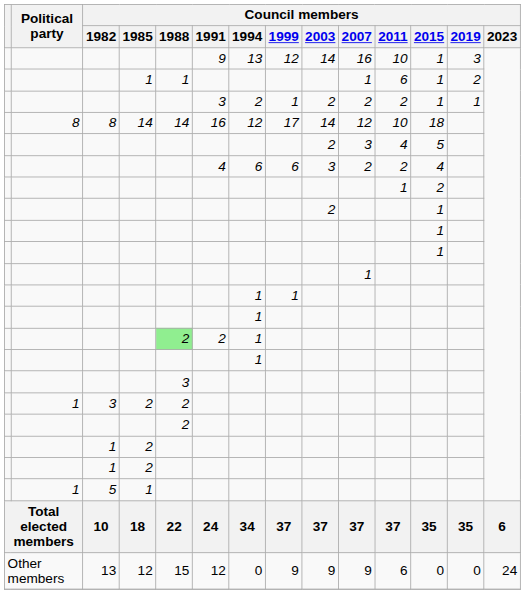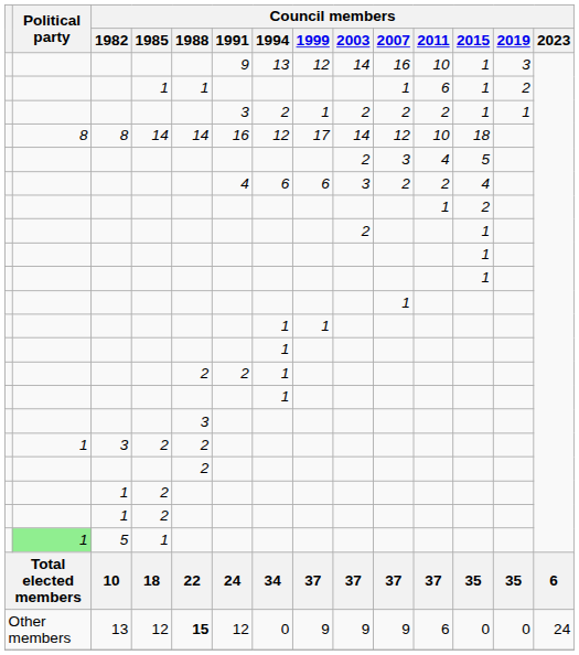 <table class="wikitable" style="text-align: right">
 <tr>
 <th rowspan="2"></th>
 <th rowspan="2">Political party</th>
 <th colspan="12">Council members</th>
 </tr>
 <tr>
 <th>1982</th>
 <th>1985</th>
 <th>1988</th>
 <th>1991</th>
 <th>1994</th>
 <th><a href='#'>1999</a></th>
 <th><a href='#'>2003</a></th>
 <th><a href='#'>2007</a></th>
 <th><a href='#'>2011</a></th>
 <th><a href='#'>2015</a></th>
 <th><a href='#'>2019</a></th>
 <th>2023</th>
 </tr>
 <tr>
 <td></td>
 <td></td>
 <td></td>
 <td></td>
 <td></td>
 <td><em>9</em></td>
 <td><em>13</em></td>
 <td><em>12</em></td>
 <td><em>14</em></td>
 <td><em>16</em></td>
 <td><em>10</em></td>
 <td><em>1</em></td>
 <td><em>3</em></td>
 </tr>
 <tr>
 <td></td>
 <td></td>
 <td></td>
 <td><em>1</em></td>
 <td><em>1</em></td>
 <td></td>
 <td></td>
 <td></td>
 <td></td>
 <td><em>1</em></td>
 <td><em>6</em></td>
 <td><em>1</em></td>
 <td><em>2</em></td>
 </tr>
 <tr>
 <td></td>
 <td></td>
 <td></td>
 <td></td>
 <td></td>
 <td><em>3</em></td>
 <td><em>2</em></td>
 <td><em>1</em></td>
 <td><em>2</em></td>
 <td><em>2</em></td>
 <td><em>2</em></td>
 <td><em>1</em></td>
 <td><em>1</em></td>
 </tr>
 <tr>
 <td></td>
 <td><em>8</em></td>
 <td><em>8</em></td>
 <td><em>14</em></td>
 <td><em>14</em></td>
 <td><em>16</em></td>
 <td><em>12</em></td>
 <td><em>17</em></td>
 <td><em>14</em></td>
 <td><em>12</em></td>
 <td><em>10</em></td>
 <td><em>18</em></td>
 <td></td>
 </tr>
 <tr>
 <td></td>
 <td></td>
 <td></td>
 <td></td>
 <td></td>
 <td></td>
 <td></td>
 <td></td>
 <td><em>2</em></td>
 <td><em>3</em></td>
 <td><em>4</em></td>
 <td><em>5</em></td>
 <td></td>
 </tr>
 <tr>
 <td></td>
 <td></td>
 <td></td>
 <td></td>
 <td></td>
 <td><em>4</em></td>
 <td><em>6</em></td>
 <td><em>6</em></td>
 <td><em>3</em></td>
 <td><em>2</em></td>
 <td><em>2</em></td>
 <td><em>4</em></td>
 <td></td>
 </tr>
 <tr>
 <td></td>
 <td></td>
 <td></td>
 <td></td>
 <td></td>
 <td></td>
 <td></td>
 <td></td>
 <td></td>
 <td></td>
 <td><em>1</em></td>
 <td><em>2</em></td>
 <td></td>
 </tr>
 <tr>
 <td></td>
 <td></td>
 <td></td>
 <td></td>
 <td></td>
 <td></td>
 <td></td>
 <td></td>
 <td><em>2</em></td>
 <td></td>
 <td></td>
 <td><em>1</em></td>
 <td></td>
 </tr>
 <tr>
 <td></td>
 <td></td>
 <td></td>
 <td></td>
 <td></td>
 <td></td>
 <td></td>
 <td></td>
 <td></td>
 <td></td>
 <td></td>
 <td><em>1</em></td>
 <td></td>
 </tr>
 <tr>
 <td></td>
 <td></td>
 <td></td>
 <td></td>
 <td></td>
 <td></td>
 <td></td>
 <td></td>
 <td></td>
 <td></td>
 <td></td>
 <td><em>1</em></td>
 <td></td>
 </tr>
 <tr>
 <td></td>
 <td></td>
 <td></td>
 <td></td>
 <td></td>
 <td></td>
 <td></td>
 <td></td>
 <td></td>
 <td><em>1</em></td>
 <td></td>
 <td></td>
 <td></td>
 </tr>
 <tr>
 <td></td>
 <td></td>
 <td></td>
 <td></td>
 <td></td>
 <td></td>
 <td><em>1</em></td>
 <td><em>1</em></td>
 <td></td>
 <td></td>
 <td></td>
 <td></td>
 <td></td>
 </tr>
 <tr>
 <td></td>
 <td></td>
 <td></td>
 <td></td>
 <td></td>
 <td></td>
 <td><em>1</em></td>
 <td></td>
 <td></td>
 <td></td>
 <td></td>
 <td></td>
 <td></td>
 </tr>
 <tr>
 <td></td>
 <td></td>
 <td></td>
 <td></td>
-<td style="background: lightgreen;"><em>2</em></td>
+<td><em>2</em></td>
 <td><em>2</em></td>
 <td><em>1</em></td>
 <td></td>
 <td></td>
 <td></td>
 <td></td>
 <td></td>
 <td></td>
 </tr>
 <tr>
 <td></td>
 <td></td>
 <td></td>
 <td></td>
 <td></td>
 <td></td>
 <td><em>1</em></td>
 <td></td>
 <td></td>
 <td></td>
 <td></td>
 <td></td>
 <td></td>
 </tr>
 <tr>
 <td></td>
 <td></td>
 <td></td>
 <td></td>
 <td><em>3</em></td>
 <td></td>
 <td></td>
 <td></td>
 <td></td>
 <td></td>
 <td></td>
 <td></td>
 <td></td>
 </tr>
 <tr>
 <td></td>
 <td><em>1</em></td>
 <td><em>3</em></td>
 <td><em>2</em></td>
 <td><em>2</em></td>
 <td></td>
 <td></td>
 <td></td>
 <td></td>
 <td></td>
 <td></td>
 <td></td>
 <td></td>
 </tr>
 <tr>
 <td></td>
 <td></td>
 <td></td>
 <td></td>
 <td><em>2</em></td>
 <td></td>
 <td></td>
 <td></td>
 <td></td>
 <td></td>
 <td></td>
 <td></td>
 <td></td>
 </tr>
 <tr>
 <td></td>
 <td></td>
 <td><em>1</em></td>
 <td><em>2</em></td>
 <td></td>
 <td></td>
 <td></td>
 <td></td>
 <td></td>
 <td></td>
 <td></td>
 <td></td>
 <td></td>
 </tr>
 <tr>
 <td></td>
 <td></td>
 <td><em>1</em></td>
 <td><em>2</em></td>
 <td></td>
 <td></td>
 <td></td>
 <td></td>
 <td></td>
 <td></td>
 <td></td>
 <td></td>
 <td></td>
 </tr>
 <tr>
 <td></td>
-<td><em>1</em></td>
+<td style="background: lightgreen;"><em>1</em></td>
 <td><em>5</em></td>
 <td><em>1</em></td>
 <td></td>
 <td></td>
 <td></td>
 <td></td>
 <td></td>
 <td></td>
 <td></td>
 <td></td>
 <td></td>
 </tr>
 <tr>
 <th colspan="2">Total elected members</th>
 <th>10</th>
 <th>18</th>
 <th>22</th>
 <th>24</th>
 <th>34</th>
 <th>37</th>
 <th>37</th>
 <th>37</th>
 <th>37</th>
 <th>35</th>
 <th>35</th>
 <th>6</th>
 </tr>
 <tr>
 <td colspan="2" style="text-align: left">Other members</td>
 <td>13</td>
 <td>12</td>
-<td>15</td>
+<td><strong>15</strong></td>
 <td>12</td>
 <td>0</td>
 <td>9</td>
 <td>9</td>
 <td>9</td>
 <td>6</td>
 <td>0</td>
 <td>0</td>
 <td>24</td>
 </tr>
 <tr>
 </tr>
 </table>
